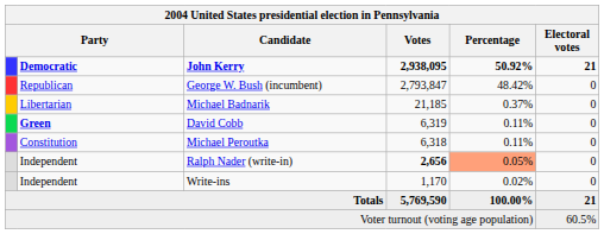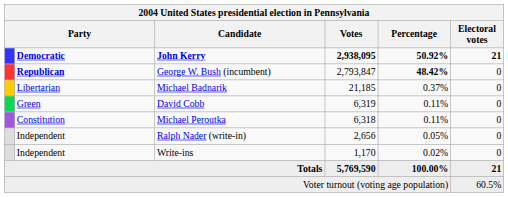 <table class="wikitable" style="font-size: 95%;">
 <tr>
 <th colspan="6">2004 United States presidential election in Pennsylvania</th>
 </tr>
 <tr>
 <th colspan="2" style="width: 15em">Party</th>
 <th style="width: 17em">Candidate</th>
 <th style="width: 5em">Votes</th>
 <th style="width: 7em">Percentage</th>
 <th style="width: 5em">Electoral votes</th>
 </tr>
 <tr>
 <th style="background:#33f; width:3px;"></th>
 <td style="width: 130px"><strong><a href='#'>Democratic</a></strong></td>
 <td><strong><a href='#'>John Kerry</a></strong></td>
 <td style="text-align:right;"><strong>2,938,095</strong></td>
 <td style="text-align:right;"><strong>50.92%</strong></td>
 <td style="text-align:right;"><strong>21</strong></td>
 </tr>
 <tr>
 <th style="background:#f33; width:3px;"></th>
-<td style="width: 130px"><a href='#'>Republican</a></td>
+<td style="width: 130px"><strong><a href='#'>Republican</a></strong></td>
 <td><a href='#'>George W. Bush</a> (incumbent)</td>
 <td style="text-align:right;">2,793,847</td>
-<td style="text-align:right;">48.42%</td>
+<td style="text-align:right;"><strong>48.42%</strong></td>
 <td style="text-align:right;">0</td>
 </tr>
 <tr>
 <th style="background:#fc0; width:3px;"></th>
 <td style="width: 130px"><a href='#'>Libertarian</a></td>
 <td><a href='#'>Michael Badnarik</a></td>
 <td style="text-align:right;">21,185</td>
 <td style="text-align:right;">0.37%</td>
 <td style="text-align:right;">0</td>
 </tr>
 <tr>
 <th style="background:#0bda51; width:3px;"></th>
-<td style="width: 130px"><strong><a href='#'>Green</a></strong></td>
+<td style="width: 130px"><a href='#'>Green</a></td>
 <td><a href='#'>David Cobb</a></td>
 <td style="text-align:right;">6,319</td>
 <td style="text-align:right;">0.11%</td>
 <td style="text-align:right;">0</td>
 </tr>
 <tr>
 <th style="background:#A356DE; width:3px;"></th>
 <td style="width: 130px"><a href='#'>Constitution</a></td>
 <td><a href='#'>Michael Peroutka</a></td>
 <td style="text-align:right;">6,318</td>
 <td style="text-align:right;">0.11%</td>
 <td style="text-align:right;">0</td>
 </tr>
 <tr>
 <th style="background:#ddd; width:3px;"></th>
 <td style="width: 130px">Independent</td>
 <td><a href='#'>Ralph Nader</a> (write-in)</td>
-<td style="text-align:right;"><strong>2,656</strong></td>
-<td style="background: lightsalmon; text-align:right;">0.05%</td>
+<td style="text-align:right;">2,656</td>
+<td style="text-align:right;">0.05%</td>
 <td style="text-align:right;">0</td>
 </tr>
 <tr>
 <th style="background:#ddd; width:3px;"></th>
 <td style="width: 130px">Independent</td>
 <td>Write-ins</td>
 <td style="text-align:right;">1,170</td>
 <td style="text-align:right;">0.02%</td>
 <td style="text-align:right;">0</td>
 </tr>
 <tr style="background:#eee; text-align:right;">
 <td colspan="3"><strong>Totals</strong></td>
 <td><strong>5,769,590</strong></td>
 <td><strong>100.00%</strong></td>
 <td><strong>21</strong></td>
 </tr>
 <tr style="background:#eee; text-align:right;">
 <td colspan="5">Voter turnout (voting age population)</td>
 <td>60.5%</td>
 </tr>
 </table>
